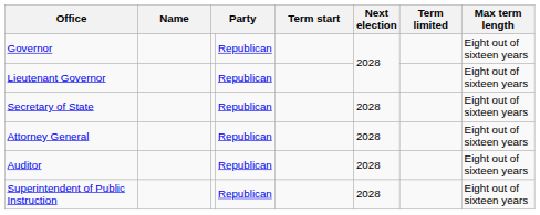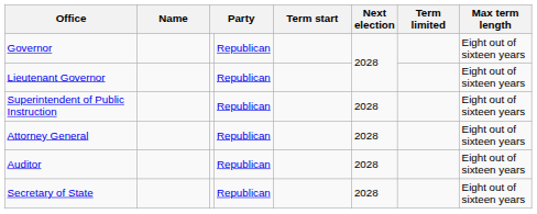 <table class="sortable wikitable">
 <tr>
 <th scope="col" width=190>Office</th>
 <th scope="col" width=100>Name</th>
 <th scope="col" width=75 colspan=2>Party</th>
 <th scope="col" width=110>Term start</th>
 <th scope="col" width=50>Next election</th>
 <th scope="col" width=85>Term limited</th>
 <th scope="col" width=100>Max term length</th>
 </tr>
 <tr>
 <td><a href='#'>Governor</a></td>
 <td></td>
 <td style="background-color:"></td>
 <td><a href='#'>Republican</a></td>
 <td></td>
 <td rowspan=2>2028</td>
 <td></td>
 <td>Eight out of sixteen years</td>
 </tr>
 <tr>
 <td><a href='#'>Lieutenant Governor</a></td>
 <td></td>
 <td style="background-color:"></td>
 <td><a href='#'>Republican</a></td>
 <td></td>
 <td></td>
 <td>Eight out of sixteen years</td>
 </tr>
 <tr>
-<td><a href='#'>Secretary of State</a></td>
+<td><a href='#'>Superintendent of Public Instruction</a></td>
 <td></td>
 <td style="background-color:"></td>
 <td><a href='#'>Republican</a></td>
 <td></td>
 <td>2028</td>
 <td></td>
 <td>Eight out of sixteen years</td>
 </tr>
 <tr>
 <td><a href='#'>Attorney General</a></td>
 <td></td>
 <td style="background-color:"></td>
 <td><a href='#'>Republican</a></td>
 <td></td>
 <td>2028</td>
 <td></td>
 <td>Eight out of sixteen years</td>
 </tr>
 <tr>
 <td><a href='#'>Auditor</a></td>
 <td></td>
 <td style="background-color:"></td>
 <td><a href='#'>Republican</a></td>
 <td></td>
 <td>2028</td>
 <td></td>
 <td>Eight out of sixteen years</td>
 </tr>
 <tr>
-<td><a href='#'>Superintendent of Public Instruction</a></td>
+<td><a href='#'>Secretary of State</a></td>
 <td></td>
 <td style="background-color:"></td>
 <td><a href='#'>Republican</a></td>
 <td></td>
 <td>2028</td>
 <td></td>
 <td>Eight out of sixteen years</td>
 </tr>
 </table>
